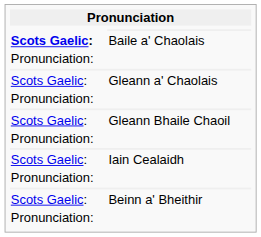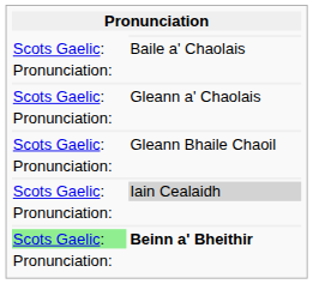 <table class="collapsible infobox collapsed" width="280" style="font-size: 90%;">
 <tr>
 <th colspan="2" bgcolor="#efefef">Pronunciation</th>
 </tr>
 <tr class="note">
 </tr>
 <tr style="vertical-align: top;">
 <td style="width: 40%;"></td>
 <th colspan="2" bgcolor="#efefef"></th>
 </tr>
 <tr>
-<td><strong><a href='#'>Scots Gaelic</a>:</strong></td>
+<td><a href='#'>Scots Gaelic</a>:</td>
 <td>Baile a' Chaolais</td>
 </tr>
 <tr>
 <td>Pronunciation:</td>
 <td></td>
 </tr>
 <tr>
 <th colspan="2" bgcolor="#efefef"></th>
 </tr>
 <tr>
 <td><a href='#'>Scots Gaelic</a>:</td>
 <td>Gleann a' Chaolais</td>
 </tr>
 <tr>
 <td>Pronunciation:</td>
 <td></td>
 </tr>
 <tr>
 <th colspan="2" bgcolor="#efefef"></th>
 </tr>
 <tr>
 <td><a href='#'>Scots Gaelic</a>:</td>
 <td>Gleann Bhaile Chaoil</td>
 </tr>
 <tr>
 <td>Pronunciation:</td>
 <td></td>
 </tr>
 <tr>
 <th colspan="2" bgcolor="#efefef"></th>
 </tr>
 <tr>
 <td><a href='#'>Scots Gaelic</a>:</td>
-<td>Iain Cealaidh</td>
+<td style="background: lightgrey;">Iain Cealaidh</td>
 </tr>
 <tr>
 <td>Pronunciation:</td>
 <td></td>
 </tr>
 <tr>
 <th colspan="2" bgcolor="#efefef"></th>
 </tr>
 <tr>
-<td><a href='#'>Scots Gaelic</a>:</td>
-<td>Beinn a' Bheithir</td>
+<td style="background: lightgreen;"><a href='#'>Scots Gaelic</a>:</td>
+<td><strong>Beinn a' Bheithir</strong></td>
 </tr>
 <tr>
 <td>Pronunciation:</td>
 <td></td>
 </tr>
 <tr>
 </tr>
 </table>
